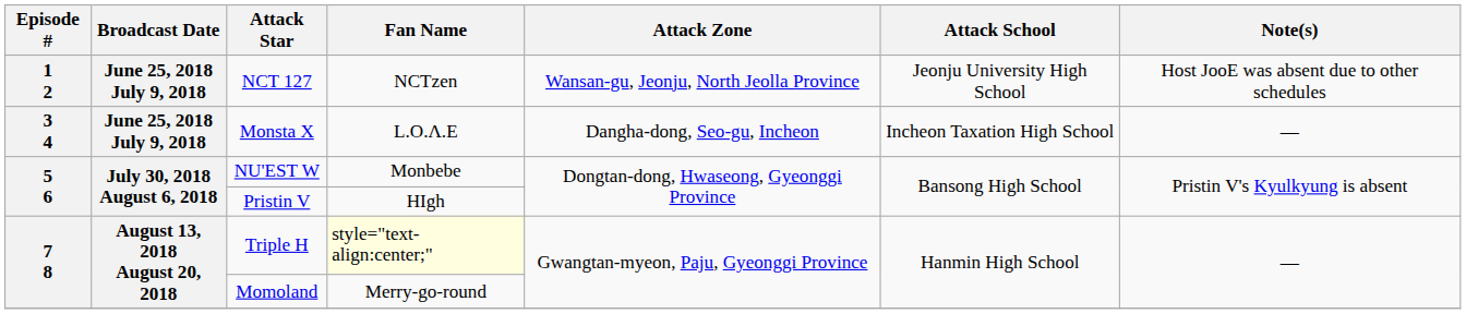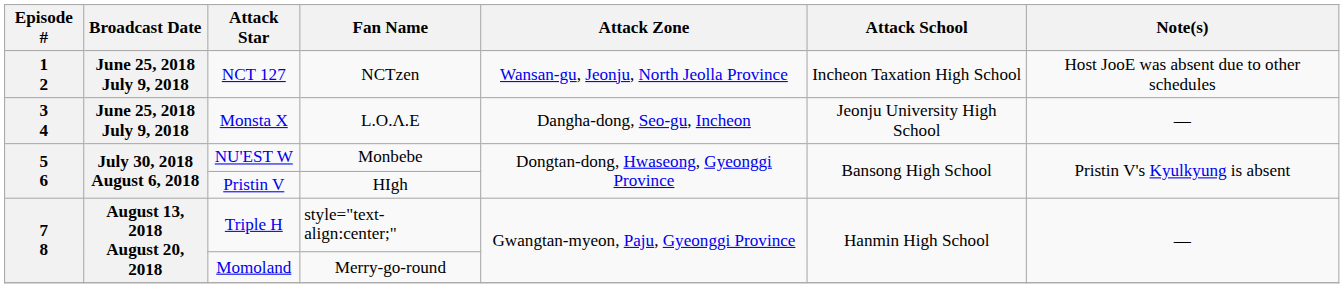 <table Class ="wikitable sortable">
 <tr>
 <th>Episode #</th>
 <th>Broadcast Date</th>
 <th>Attack Star</th>
 <th>Fan Name</th>
 <th>Attack Zone</th>
 <th>Attack School</th>
 <th>Note(s)</th>
 </tr>
 <tr>
 <th>1<br>2</th>
 <th>June 25, 2018<br>July 9, 2018</th>
 <td style="text-align:center;"><a href='#'>NCT 127</a></td>
 <td style="text-align:center;">NCTzen</td>
 <td style="text-align:center;"><a href='#'>Wansan-gu</a>, <a href='#'>Jeonju</a>, <a href='#'>North Jeolla Province</a></td>
-<td style="text-align:center;">Jeonju University High School</td>
+<td style="text-align:center;">Incheon Taxation High School</td>
 <td style="text-align:center;">Host JooE was absent due to other schedules</td>
 </tr>
 <tr>
 <th>3<br>4</th>
 <th>June 25, 2018<br>July 9, 2018</th>
 <td style="text-align:center;"><a href='#'>Monsta X</a></td>
 <td style="text-align:center;">L.O.Λ.E</td>
 <td style="text-align:center;">Dangha-dong, <a href='#'>Seo-gu</a>, <a href='#'>Incheon</a></td>
-<td style="text-align:center;">Incheon Taxation High School</td>
+<td style="text-align:center;">Jeonju University High School</td>
 <td style="text-align:center;">—</td>
 </tr>
 <tr>
 <th rowspan="2">5<br>6</th>
 <th rowspan="2">July 30, 2018<br>August 6, 2018</th>
 <td style="text-align:center;"><a href='#'>NU'EST W</a></td>
 <td style="text-align:center;">Monbebe</td>
 <td style="text-align:center;" rowspan="2">Dongtan-dong, <a href='#'>Hwaseong</a>, <a href='#'>Gyeonggi Province</a></td>
 <td style="text-align:center;" rowspan="2">Bansong High School</td>
 <td style="text-align:center;" rowspan="2">Pristin V's <a href='#'>Kyulkyung</a> is absent</td>
 </tr>
 <tr>
 <td style="text-align:center;"><a href='#'>Pristin V</a></td>
 <td style="text-align:center;">HIgh</td>
 </tr>
 <tr>
 <th rowspan="2">7<br>8</th>
 <th rowspan="2">August 13, 2018<br>August 20, 2018</th>
 <td style="text-align:center;"><a href='#'>Triple H</a></td>
-<td style="background: lightyellow;">style="text-align:center;" </td>
+<td>style="text-align:center;" </td>
 <td style="text-align:center;" rowspan="2">Gwangtan-myeon, <a href='#'>Paju</a>, <a href='#'>Gyeonggi Province</a></td>
 <td style="text-align:center;" rowspan="2">Hanmin High School</td>
 <td style="text-align:center;" rowspan="2">—</td>
 </tr>
 <tr>
 <td style="text-align:center;"><a href='#'>Momoland</a></td>
 <td style="text-align:center;">Merry-go-round</td>
 </tr>
 <tr>
 </tr>
 </table>
